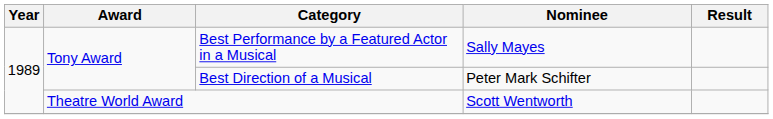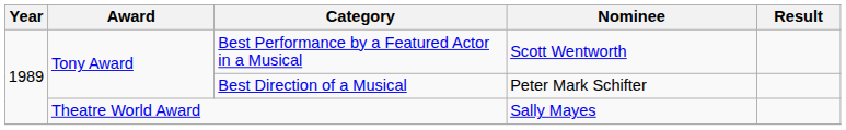 <table class="wikitable" width="95%">
 <tr>
 <th width="5%">Year</th>
 <th width="20%">Award</th>
 <th width="35%">Category</th>
 <th width="30%">Nominee</th>
 <th width="10%">Result</th>
 </tr>
 <tr>
 <td rowspan="3" align="center">1989</td>
 <td rowspan="2"><a href='#'>Tony Award</a></td>
 <td><a href='#'>Best Performance by a Featured Actor in a Musical</a></td>
-<td><a href='#'>Sally Mayes</a></td>
+<td><a href='#'>Scott Wentworth</a></td>
 <td></td>
 </tr>
 <tr>
 <td><a href='#'>Best Direction of a Musical</a></td>
 <td>Peter Mark Schifter</td>
 <td></td>
 </tr>
 <tr>
 <td colspan=2><a href='#'>Theatre World Award</a></td>
-<td><a href='#'>Scott Wentworth</a></td>
+<td><a href='#'>Sally Mayes</a></td>
 <td></td>
 </tr>
 <tr>
 </tr>
 </table>
